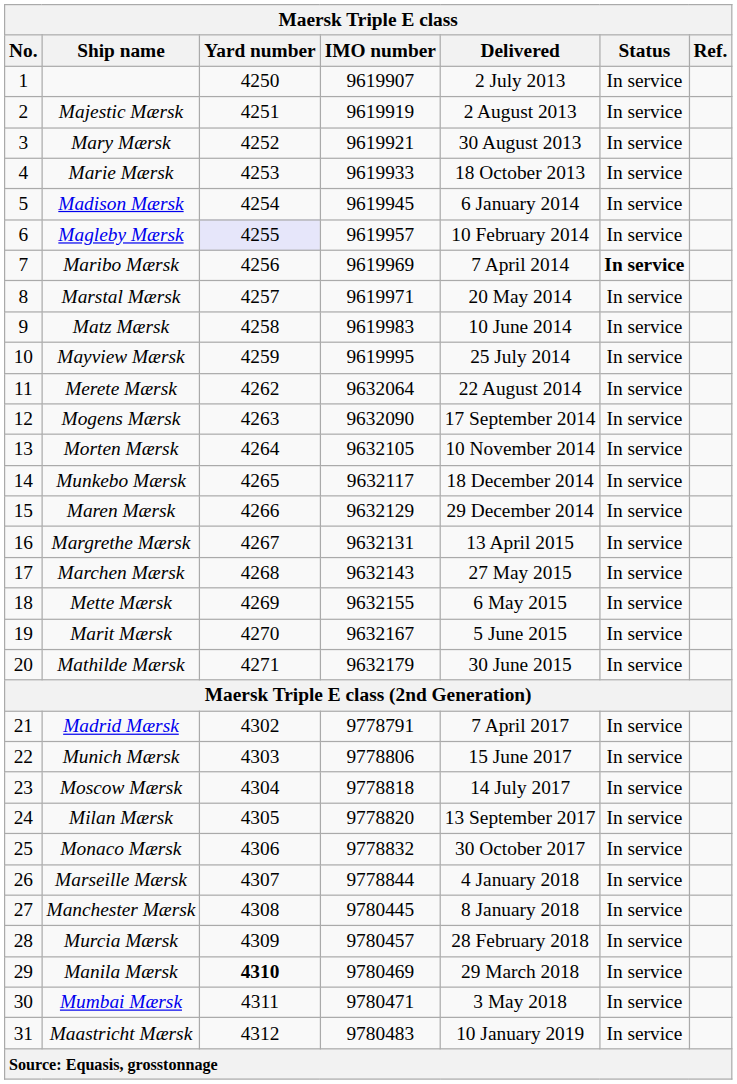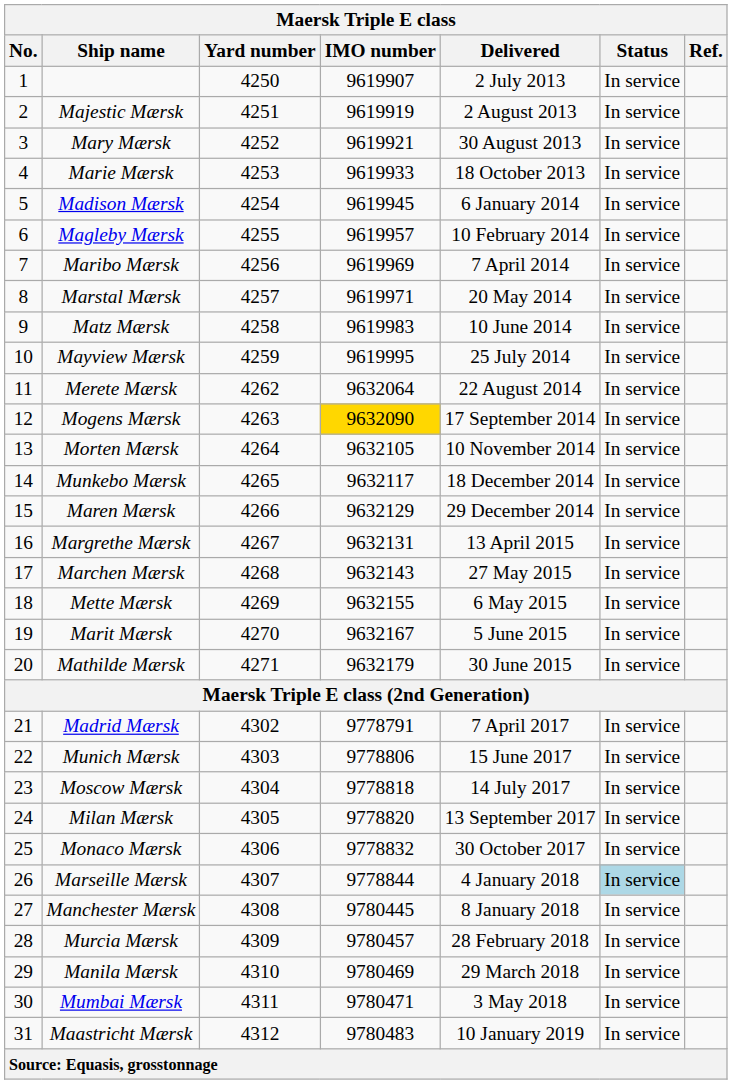 <table class="wikitable" style="text-align:center">
 <tr>
 <th colspan="7" style="text-align:center">Maersk Triple E class</th>
 </tr>
 <tr class=>
 <th>No.</th>
 <th>Ship name</th>
 <th>Yard number</th>
 <th>IMO number</th>
 <th>Delivered</th>
 <th>Status</th>
 <th>Ref.</th>
 </tr>
 <tr>
 <td>1</td>
 <td></td>
 <td>4250</td>
 <td>9619907</td>
 <td>2 July 2013</td>
 <td>In service</td>
 <td></td>
 </tr>
 <tr>
 <td>2</td>
 <td><em>Majestic Mærsk</em></td>
 <td>4251</td>
 <td>9619919</td>
 <td>2 August 2013</td>
 <td>In service</td>
 <td></td>
 </tr>
 <tr>
 <td>3</td>
 <td><em>Mary Mærsk</em></td>
 <td>4252</td>
 <td>9619921</td>
 <td>30 August 2013</td>
 <td>In service</td>
 <td></td>
 </tr>
 <tr>
 <td>4</td>
 <td><em>Marie Mærsk</em></td>
 <td>4253</td>
 <td>9619933</td>
 <td>18 October 2013</td>
 <td>In service</td>
 <td></td>
 </tr>
 <tr>
 <td>5</td>
 <td><em><a href='#'>Madison Mærsk</a></em></td>
 <td>4254</td>
 <td>9619945</td>
 <td>6 January 2014</td>
 <td>In service</td>
 <td></td>
 </tr>
 <tr>
 <td>6</td>
 <td><em><a href='#'>Magleby Mærsk</a></em></td>
-<td style="background: lavender;">4255</td>
+<td>4255</td>
 <td>9619957</td>
 <td>10 February 2014</td>
 <td>In service</td>
 <td></td>
 </tr>
 <tr>
 <td>7</td>
 <td><em>Maribo Mærsk</em></td>
 <td>4256</td>
 <td>9619969</td>
 <td>7 April 2014</td>
-<td><strong>In service</strong></td>
+<td>In service</td>
 <td></td>
 </tr>
 <tr>
 <td>8</td>
 <td><em>Marstal Mærsk</em></td>
 <td>4257</td>
 <td>9619971</td>
 <td>20 May 2014</td>
 <td>In service</td>
 <td></td>
 </tr>
 <tr>
 <td>9</td>
 <td><em>Matz Mærsk</em></td>
 <td>4258</td>
 <td>9619983</td>
 <td>10 June 2014</td>
 <td>In service</td>
 <td></td>
 </tr>
 <tr>
 <td>10</td>
 <td><em>Mayview Mærsk</em></td>
 <td>4259</td>
 <td>9619995</td>
 <td>25 July 2014</td>
 <td>In service</td>
 <td></td>
 </tr>
 <tr>
 <td>11</td>
 <td><em>Merete Mærsk</em></td>
 <td>4262</td>
 <td>9632064</td>
 <td>22 August 2014</td>
 <td>In service</td>
 <td></td>
 </tr>
 <tr>
 <td>12</td>
 <td><em>Mogens Mærsk</em></td>
 <td>4263</td>
-<td>9632090</td>
+<td style="background: gold;">9632090</td>
 <td>17 September 2014</td>
 <td>In service</td>
 <td></td>
 </tr>
 <tr>
 <td>13</td>
 <td><em>Morten Mærsk</em></td>
 <td>4264</td>
 <td>9632105</td>
 <td>10 November 2014</td>
 <td>In service</td>
 <td></td>
 </tr>
 <tr>
 <td>14</td>
 <td><em>Munkebo Mærsk</em></td>
 <td>4265</td>
 <td>9632117</td>
 <td>18 December 2014</td>
 <td>In service</td>
 <td></td>
 </tr>
 <tr>
 <td>15</td>
 <td><em>Maren Mærsk</em></td>
 <td>4266</td>
 <td>9632129</td>
 <td>29 December 2014</td>
 <td>In service</td>
 <td></td>
 </tr>
 <tr>
 <td>16</td>
 <td><em>Margrethe Mærsk</em></td>
 <td>4267</td>
 <td>9632131</td>
 <td>13 April 2015</td>
 <td>In service</td>
 <td></td>
 </tr>
 <tr>
 <td>17</td>
 <td><em>Marchen Mærsk</em></td>
 <td>4268</td>
 <td>9632143</td>
 <td>27 May 2015</td>
 <td>In service</td>
 <td></td>
 </tr>
 <tr>
 <td>18</td>
 <td><em>Mette Mærsk</em></td>
 <td>4269</td>
 <td>9632155</td>
 <td>6 May 2015</td>
 <td>In service</td>
 <td></td>
 </tr>
 <tr>
 <td>19</td>
 <td><em>Marit Mærsk</em></td>
 <td>4270</td>
 <td>9632167</td>
 <td>5 June 2015</td>
 <td>In service</td>
 <td></td>
 </tr>
 <tr>
 <td>20</td>
 <td><em>Mathilde Mærsk</em></td>
 <td>4271</td>
 <td>9632179</td>
 <td>30 June 2015</td>
 <td>In service</td>
 <td></td>
 </tr>
 <tr>
 <th colspan="7" style="text-align:center">Maersk Triple E class (2nd Generation)</th>
 </tr>
 <tr>
 <td>21</td>
 <td><em><a href='#'>Madrid Mærsk</a></em></td>
 <td>4302</td>
 <td>9778791</td>
 <td>7 April 2017</td>
 <td>In service</td>
 <td></td>
 </tr>
 <tr>
 <td>22</td>
 <td><em>Munich Mærsk</em></td>
 <td>4303</td>
 <td>9778806</td>
 <td>15 June 2017</td>
 <td>In service</td>
 <td></td>
 </tr>
 <tr>
 <td>23</td>
 <td><em>Moscow Mærsk</em></td>
 <td>4304</td>
 <td>9778818</td>
 <td>14 July 2017</td>
 <td>In service</td>
 <td></td>
 </tr>
 <tr>
 <td>24</td>
 <td><em>Milan Mærsk</em></td>
 <td>4305</td>
 <td>9778820</td>
 <td>13 September 2017</td>
 <td>In service</td>
 <td></td>
 </tr>
 <tr>
 <td>25</td>
 <td><em>Monaco Mærsk</em></td>
 <td>4306</td>
 <td>9778832</td>
 <td>30 October 2017</td>
 <td>In service</td>
 <td></td>
 </tr>
 <tr>
 <td>26</td>
 <td><em>Marseille Mærsk</em></td>
 <td>4307</td>
 <td>9778844</td>
 <td>4 January 2018</td>
-<td>In service</td>
+<td style="background: lightblue;">In service</td>
 <td></td>
 </tr>
 <tr>
 <td>27</td>
 <td><em>Manchester Mærsk</em></td>
 <td>4308</td>
 <td>9780445</td>
 <td>8 January 2018</td>
 <td>In service</td>
 <td></td>
 </tr>
 <tr>
 <td>28</td>
 <td><em>Murcia Mærsk</em></td>
 <td>4309</td>
 <td>9780457</td>
 <td>28 February 2018</td>
 <td>In service</td>
 <td></td>
 </tr>
 <tr>
 <td>29</td>
 <td><em>Manila Mærsk</em></td>
-<td><strong>4310</strong></td>
+<td>4310</td>
 <td>9780469</td>
 <td>29 March 2018</td>
 <td>In service</td>
 <td></td>
 </tr>
 <tr>
 <td>30</td>
 <td><em><a href='#'>Mumbai Mærsk</a></em></td>
 <td>4311</td>
 <td>9780471</td>
 <td>3 May 2018</td>
 <td>In service</td>
 <td></td>
 </tr>
 <tr>
 <td>31</td>
 <td><em>Maastricht Mærsk</em></td>
 <td>4312</td>
 <td>9780483</td>
 <td>10 January 2019</td>
 <td>In service</td>
 <td></td>
 </tr>
 <tr>
 <th colspan="7" style="text-align:left"><small>Source: Equasis, grosstonnage</small></th>
 </tr>
 </table>
